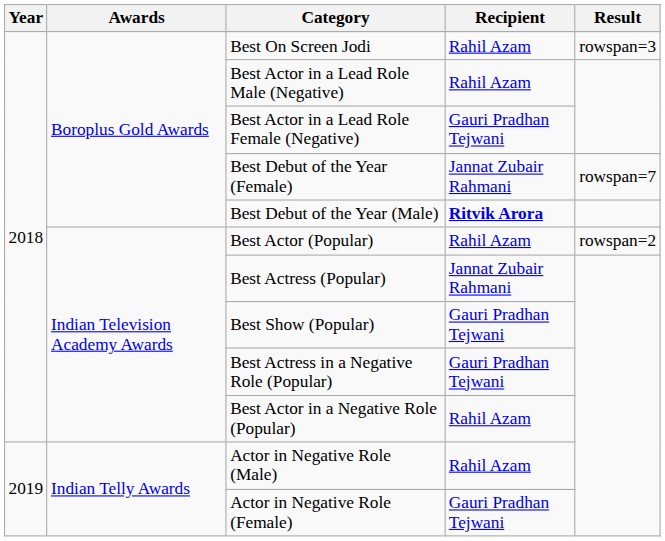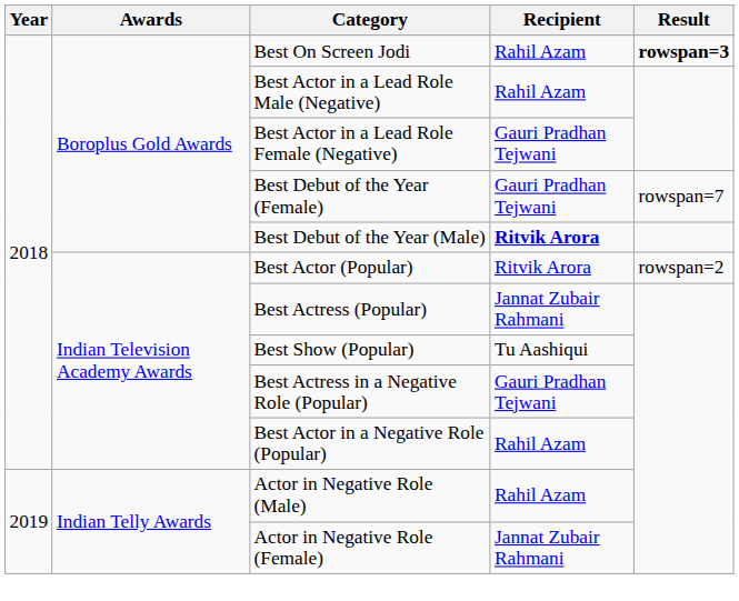 <table class = "wikitable dapat diurutkan">
 <tr>
 <th>Year</th>
 <th>Awards</th>
 <th>Category</th>
 <th>Recipient</th>
 <th>Result</th>
 </tr>
 <tr>
 <td rowspan=11>2018</td>
 <td rowspan=6><a href='#'>Boroplus Gold Awards</a></td>
 </tr>
 <tr>
 <td>Best On Screen Jodi</td>
 <td><a href='#'>Rahil Azam</a></td>
-<td>rowspan=3 </td>
+<td><strong>rowspan=3 </strong></td>
 </tr>
 <tr>
 <td>Best Actor in a Lead Role Male (Negative)</td>
 <td><a href='#'>Rahil Azam</a></td>
 </tr>
 <tr>
 <td>Best Actor in a Lead Role Female (Negative)</td>
 <td><a href='#'>Gauri Pradhan Tejwani</a></td>
 </tr>
 <tr>
 <td>Best Debut of the Year (Female)</td>
-<td><a href='#'>Jannat Zubair Rahmani</a></td>
+<td><a href='#'>Gauri Pradhan Tejwani</a></td>
 <td>rowspan=7 </td>
 </tr>
 <tr>
 <td>Best Debut of the Year (Male)</td>
 <td><strong><a href='#'>Ritvik Arora</a></strong></td>
 </tr>
 <tr>
 <td rowspan=5><a href='#'>Indian Television Academy Awards</a></td>
 <td>Best Actor (Popular)</td>
-<td><a href='#'>Rahil Azam</a></td>
+<td><a href='#'>Ritvik Arora</a></td>
 <td>rowspan=2 </td>
 </tr>
 <tr>
 <td>Best Actress (Popular)</td>
 <td><a href='#'>Jannat Zubair Rahmani</a></td>
 </tr>
 <tr>
 <td>Best Show (Popular)</td>
-<td><a href='#'>Gauri Pradhan Tejwani</a></td>
+<td>Tu Aashiqui</td>
 </tr>
 <tr>
 <td>Best Actress in a Negative Role (Popular)</td>
 <td><a href='#'>Gauri Pradhan Tejwani</a></td>
 </tr>
 <tr>
 <td>Best Actor in a Negative Role (Popular)</td>
 <td><a href='#'>Rahil Azam</a></td>
 </tr>
 <tr>
 <td rowspan=2>2019</td>
 <td rowspan=2><a href='#'>Indian Telly Awards</a></td>
 <td>Actor in Negative Role (Male)</td>
 <td><a href='#'>Rahil Azam</a></td>
 </tr>
 <tr>
 <td>Actor in Negative Role (Female)</td>
-<td><a href='#'>Gauri Pradhan Tejwani</a></td>
+<td><a href='#'>Jannat Zubair Rahmani</a></td>
 </tr>
 </table>
